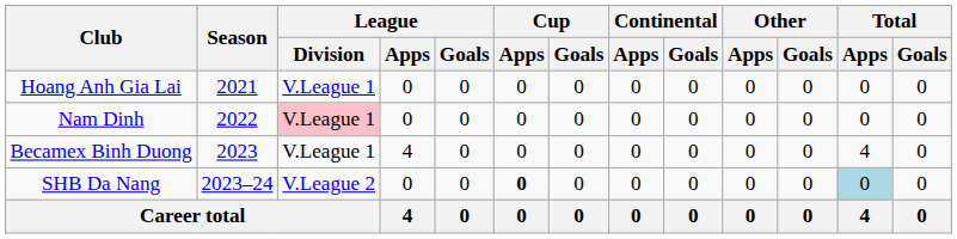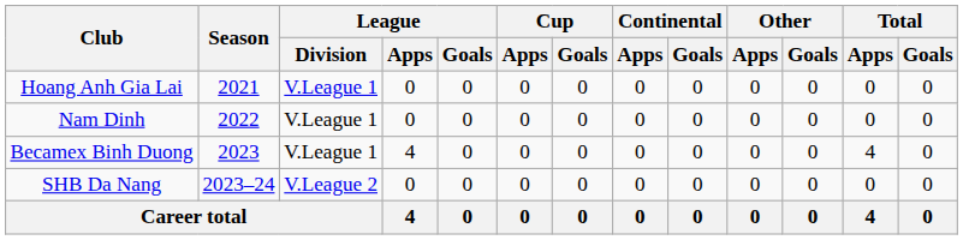 <table class="wikitable" style="text-align: center;">
 <tr>
 <th rowspan="2">Club</th>
 <th rowspan="2">Season</th>
 <th colspan="3">League</th>
 <th colspan="2">Cup</th>
 <th colspan="2">Continental</th>
 <th colspan="2">Other</th>
 <th colspan="2">Total</th>
 </tr>
 <tr>
 <th>Division</th>
 <th>Apps</th>
 <th>Goals</th>
 <th>Apps</th>
 <th>Goals</th>
 <th>Apps</th>
 <th>Goals</th>
 <th>Apps</th>
 <th>Goals</th>
 <th>Apps</th>
 <th>Goals</th>
 </tr>
 <tr>
 <td><a href='#'>Hoang Anh Gia Lai</a></td>
 <td><a href='#'>2021</a></td>
 <td><a href='#'>V.League 1</a></td>
 <td>0</td>
 <td>0</td>
 <td>0</td>
 <td>0</td>
 <td>0</td>
 <td>0</td>
 <td>0</td>
 <td>0</td>
 <td>0</td>
 <td>0</td>
 </tr>
 <tr>
 <td><a href='#'>Nam Dinh</a></td>
 <td><a href='#'>2022</a></td>
-<td style="background: pink;">V.League 1</td>
+<td>V.League 1</td>
 <td>0</td>
 <td>0</td>
 <td>0</td>
 <td>0</td>
 <td>0</td>
 <td>0</td>
 <td>0</td>
 <td>0</td>
 <td>0</td>
 <td>0</td>
 </tr>
 <tr>
 <td><a href='#'>Becamex Binh Duong</a></td>
 <td><a href='#'>2023</a></td>
 <td>V.League 1</td>
 <td>4</td>
 <td>0</td>
 <td>0</td>
 <td>0</td>
 <td>0</td>
 <td>0</td>
 <td>0</td>
 <td>0</td>
 <td>4</td>
 <td>0</td>
 </tr>
 <tr>
 <td><a href='#'>SHB Da Nang</a></td>
 <td><a href='#'>2023–24</a></td>
 <td><a href='#'>V.League 2</a></td>
 <td>0</td>
 <td>0</td>
-<td><strong>0</strong></td>
 <td>0</td>
 <td>0</td>
 <td>0</td>
 <td>0</td>
 <td>0</td>
-<td style="background: lightblue;">0</td>
+<td>0</td>
+<td>0</td>
 <td>0</td>
 </tr>
 <tr>
 <th colspan="3">Career total</th>
 <th>4</th>
 <th>0</th>
 <th>0</th>
 <th>0</th>
 <th>0</th>
 <th>0</th>
 <th>0</th>
 <th>0</th>
 <th>4</th>
 <th>0</th>
 </tr>
 </table>
